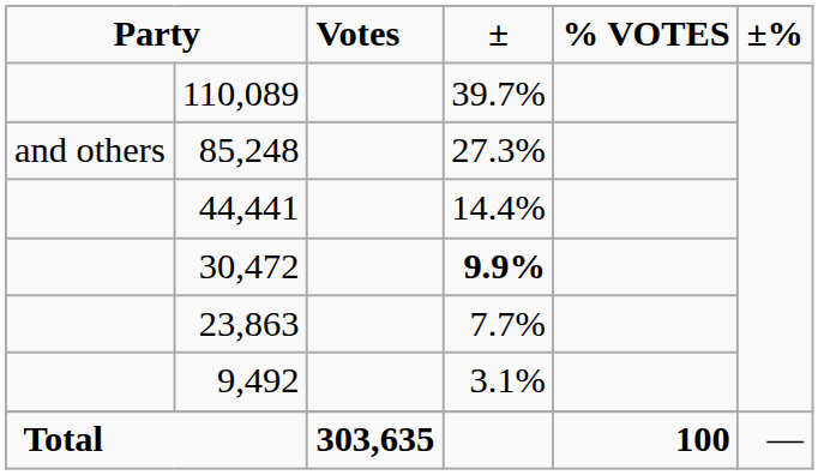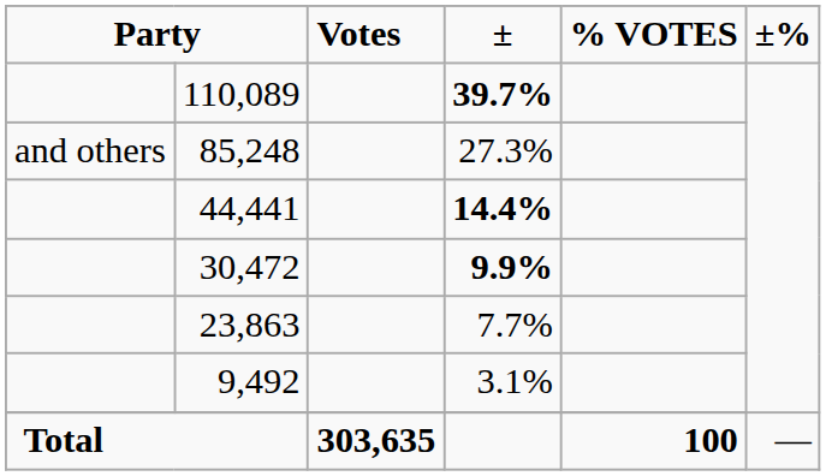 <table class="wikitable">
 <tr>
 <td colspan="2" rowspan="1" align="center" valign="top"><strong>Party</strong></td>
 <td valign="top"><strong>Votes</strong></td>
 <td valign="top" align="center"><strong>±</strong></td>
 <td valign="top"><strong>% VOTES</strong></td>
 <td valign="top" align="center"><strong>±%</strong></td>
 </tr>
 <tr>
 <td></td>
 <td align="right">110,089</td>
 <td align="right"></td>
-<td align="right">39.7%</td>
+<td align="right"><strong>39.7%</strong></td>
 <td align="right"></td>
 </tr>
 <tr>
 <td> and others</td>
 <td align="right">85,248</td>
 <td align="right"></td>
 <td align="right">27.3%</td>
 <td align="right"></td>
 </tr>
 <tr>
 <td></td>
 <td align="right">44,441</td>
 <td align="right"></td>
-<td align="right">14.4%</td>
+<td align="right"><strong>14.4%</strong></td>
 <td align="right"></td>
 </tr>
 <tr>
 <td></td>
 <td align="right">30,472</td>
 <td align="right"></td>
 <td align="right"><strong>9.9%</strong></td>
 <td align="right"></td>
 </tr>
 <tr>
 <td></td>
 <td align="right">23,863</td>
 <td align="right"></td>
 <td align="right">7.7%</td>
 <td align="right"></td>
 </tr>
 <tr>
 <td></td>
 <td align="right">9,492</td>
 <td align="right"></td>
 <td align="right">3.1%</td>
 <td align="right"></td>
 </tr>
 <tr>
 </tr>
 <tr>
 <td colspan="2" rowspan="1"> <strong>Total</strong></td>
 <td align="right"><strong>303,635</strong></td>
 <td align="right"></td>
 <td align="right"><strong>100</strong></td>
 <td align="right">—</td>
 </tr>
 </table>
